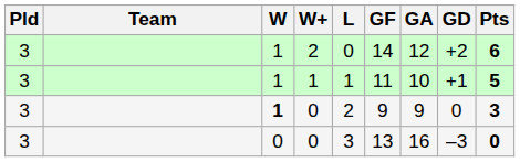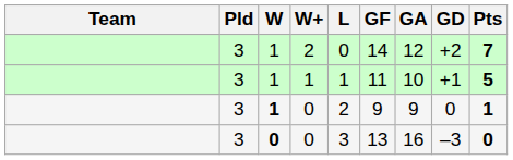 <table class="wikitable" style="text-align: center;">
 <tr>
+<th width="175">Team</th>
 <th width="20">Pld</th>
-<th width="175">Team</th>
 <th width="20">W</th>
 <th width="20">W+</th>
 <th width="20">L</th>
 <th width="20">GF</th>
 <th width="20">GA</th>
 <th width="20">GD</th>
 <th width="20">Pts</th>
 </tr>
 <tr align=center style="background:#ccffcc;">
+<td style="text-align:left;"></td>
 <td>3</td>
-<td style="text-align:left;"></td>
 <td>1</td>
 <td>2</td>
 <td>0</td>
 <td>14</td>
 <td>12</td>
 <td>+2</td>
-<td><strong>6</strong></td>
+<td><strong>7</strong></td>
 </tr>
 <tr align=center style="background:#ccffcc;">
+<td style="text-align:left;"></td>
 <td>3</td>
-<td style="text-align:left;"></td>
 <td>1</td>
 <td>1</td>
 <td>1</td>
 <td>11</td>
 <td>10</td>
 <td>+1</td>
 <td><strong>5</strong></td>
 </tr>
 <tr align=center style="background:#f5f5f5;">
+<td style="text-align:left;"></td>
 <td>3</td>
-<td style="text-align:left;"></td>
 <td><strong>1</strong></td>
 <td>0</td>
 <td>2</td>
 <td>9</td>
 <td>9</td>
 <td>0</td>
-<td><strong>3</strong></td>
+<td><strong>1</strong></td>
 </tr>
 <tr align=center style="background:#f5f5f5;">
+<td style="text-align:left;"></td>
 <td>3</td>
-<td style="text-align:left;"></td>
-<td>0</td>
+<td><strong>0</strong></td>
 <td>0</td>
 <td>3</td>
 <td>13</td>
 <td>16</td>
 <td>–3</td>
 <td><strong>0</strong></td>
 </tr>
 </table>
